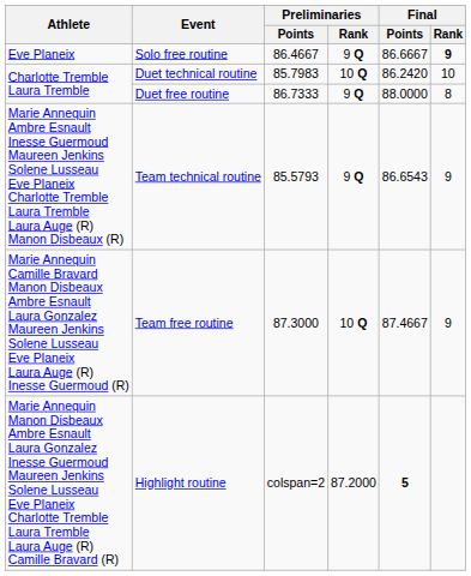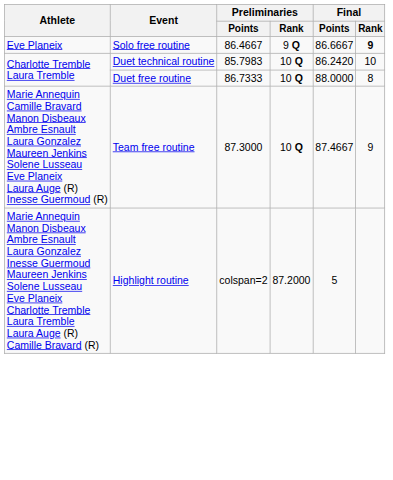 <table class=wikitable style="font-size:90%">
 <tr>
 <th rowspan="2">Athlete</th>
 <th rowspan="2">Event</th>
 <th colspan="2">Preliminaries</th>
 <th colspan="2">Final</th>
 </tr>
 <tr style="font-size:95%">
 <th>Points</th>
 <th>Rank</th>
 <th>Points</th>
 <th>Rank</th>
 </tr>
 <tr align=center>
 <td align=left><a href='#'>Eve Planeix</a></td>
 <td align=left><a href='#'>Solo free routine</a></td>
 <td>86.4667</td>
 <td>9 <strong>Q</strong></td>
 <td>86.6667</td>
 <td><strong>9</strong></td>
 </tr>
 <tr align=center>
 <td align=left rowspan=2><a href='#'>Charlotte Tremble</a><br><a href='#'>Laura Tremble</a></td>
 <td align=left><a href='#'>Duet technical routine</a></td>
 <td>85.7983</td>
 <td>10 <strong>Q</strong></td>
 <td>86.2420</td>
 <td>10</td>
 </tr>
 <tr align=center>
 <td align=left><a href='#'>Duet free routine</a></td>
 <td>86.7333</td>
-<td>9 <strong>Q</strong></td>
+<td>10 <strong>Q</strong></td>
 <td>88.0000</td>
 <td>8</td>
-</tr>
-<tr align=center>
-<td align=left><a href='#'>Marie Annequin</a><br><a href='#'>Ambre Esnault</a><br><a href='#'>Inesse Guermoud</a><br><a href='#'>Maureen Jenkins</a><br><a href='#'>Solene Lusseau</a><br><a href='#'>Eve Planeix</a><br><a href='#'>Charlotte Tremble</a><br><a href='#'>Laura Tremble</a><br><a href='#'>Laura Auge</a> (R)<br><a href='#'>Manon Disbeaux</a> (R)</td>
-<td align=left><a href='#'>Team technical routine</a></td>
-<td>85.5793</td>
-<td>9 <strong>Q</strong></td>
-<td>86.6543</td>
-<td>9</td>
 </tr>
 <tr align=center>
 <td align=left><a href='#'>Marie Annequin</a><br><a href='#'>Camille Bravard</a><br><a href='#'>Manon Disbeaux</a><br><a href='#'>Ambre Esnault</a><br><a href='#'>Laura Gonzalez</a><br><a href='#'>Maureen Jenkins</a><br><a href='#'>Solene Lusseau</a><br><a href='#'>Eve Planeix</a><br><a href='#'>Laura Auge</a> (R)<br><a href='#'>Inesse Guermoud</a> (R)</td>
 <td align=left><a href='#'>Team free routine</a></td>
 <td>87.3000</td>
 <td>10 <strong>Q</strong></td>
 <td>87.4667</td>
 <td>9</td>
 </tr>
 <tr align=center>
 <td align=left><a href='#'>Marie Annequin</a><br><a href='#'>Manon Disbeaux</a><br><a href='#'>Ambre Esnault</a><br><a href='#'>Laura Gonzalez</a><br><a href='#'>Inesse Guermoud</a><br><a href='#'>Maureen Jenkins</a><br><a href='#'>Solene Lusseau</a><br><a href='#'>Eve Planeix</a><br><a href='#'>Charlotte Tremble</a><br><a href='#'>Laura Tremble</a><br><a href='#'>Laura Auge</a> (R)<br><a href='#'>Camille Bravard</a> (R)</td>
 <td align=left><a href='#'>Highlight routine</a></td>
 <td>colspan=2 </td>
 <td>87.2000</td>
-<td><strong>5</strong></td>
+<td>5</td>
 </tr>
 </table>
